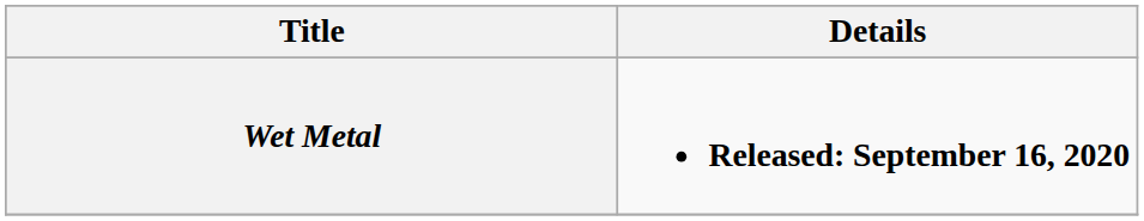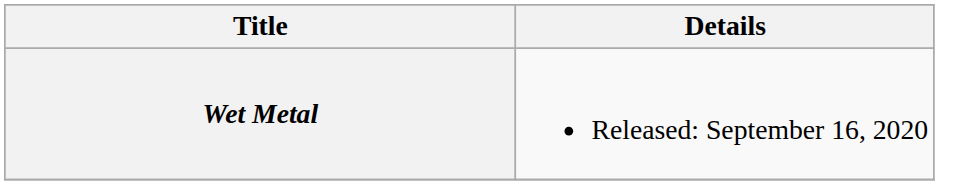 <table class="wikitable plainrowheaders" style="text-align:center;">
 <tr>
 <th style="width:18em;">Title</th>
 <th>Details</th>
 </tr>
 <tr>
 <th scope="row"><em>Wet Metal</em></th>
-<td><strong><br><ul><li>Released: September 16, 2020</li></ul></strong></td>
+<td><br><ul><li>Released: September 16, 2020</li></ul></td>
 </tr>
 <tr>
 </tr>
 </table>
